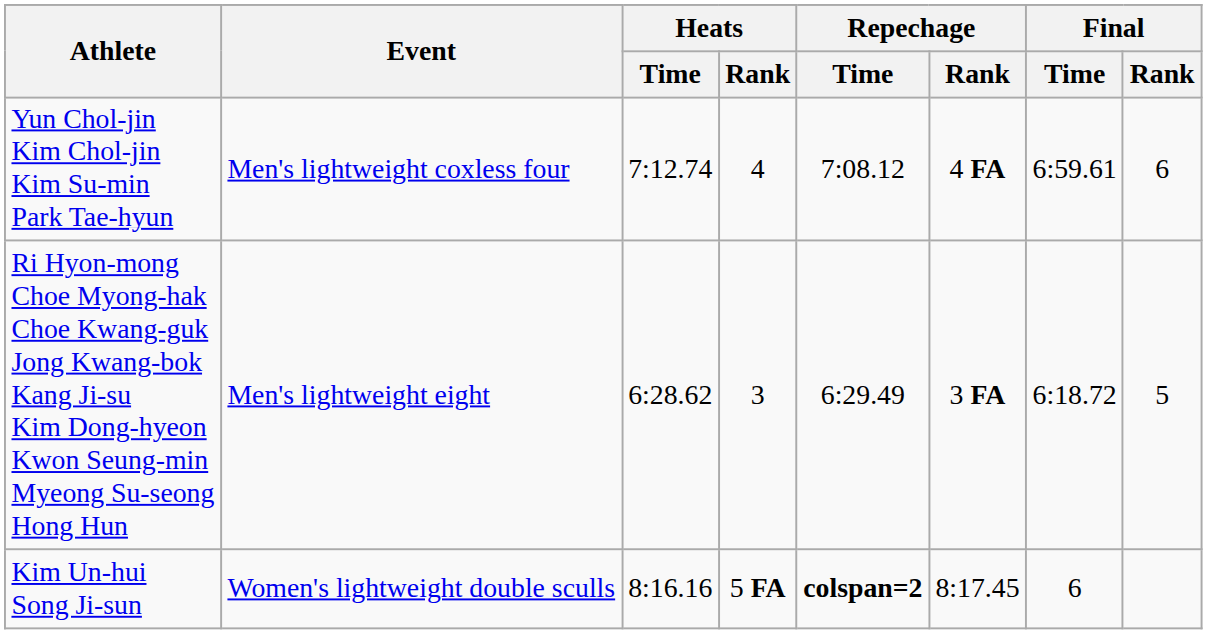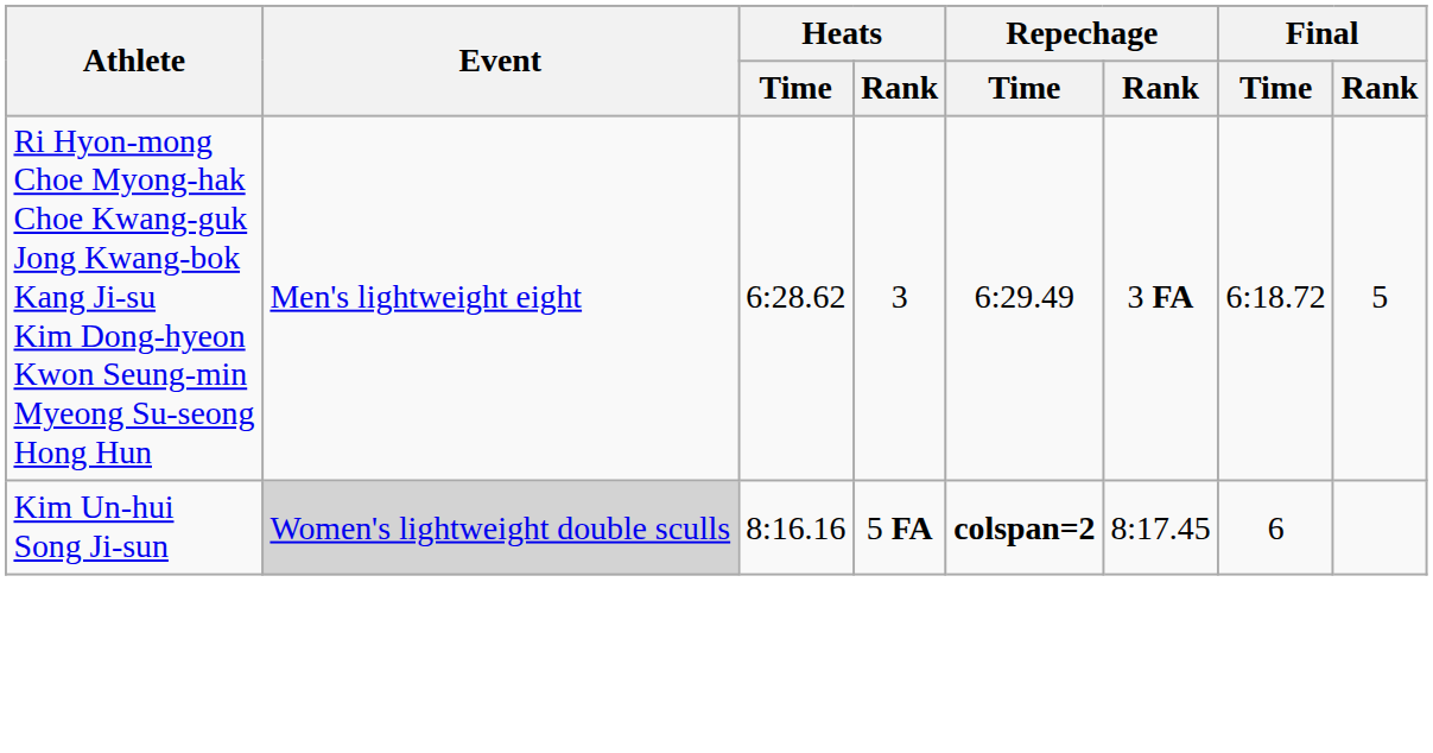 <table class=wikitable style="text-align:center; font-size:90%;">
 <tr>
 <th rowspan=2>Athlete</th>
 <th rowspan=2>Event</th>
 <th colspan=2>Heats</th>
 <th colspan=2>Repechage</th>
 <th colspan=2>Final</th>
 </tr>
 <tr>
 <th>Time</th>
 <th>Rank</th>
 <th>Time</th>
 <th>Rank</th>
 <th>Time</th>
 <th>Rank</th>
 </tr>
 <tr>
-<td align=left><a href='#'>Yun Chol-jin</a><br><a href='#'>Kim Chol-jin</a><br><a href='#'>Kim Su-min</a><br><a href='#'>Park Tae-hyun</a></td>
-<td align=left><a href='#'>Men's lightweight coxless four</a></td>
-<td>7:12.74</td>
-<td>4</td>
-<td>7:08.12</td>
-<td>4 <strong>FA</strong></td>
-<td>6:59.61</td>
-<td>6</td>
-</tr>
-<tr>
 <td align=left><a href='#'>Ri Hyon-mong</a><br><a href='#'>Choe Myong-hak</a><br><a href='#'>Choe Kwang-guk</a><br><a href='#'>Jong Kwang-bok</a><br><a href='#'>Kang Ji-su</a><br><a href='#'>Kim Dong-hyeon</a><br><a href='#'>Kwon Seung-min</a><br><a href='#'>Myeong Su-seong</a><br><a href='#'>Hong Hun</a></td>
 <td align=left><a href='#'>Men's lightweight eight</a></td>
 <td>6:28.62</td>
 <td>3</td>
 <td>6:29.49</td>
 <td>3 <strong>FA</strong></td>
 <td>6:18.72</td>
 <td>5</td>
 </tr>
 <tr>
 <td align=left><a href='#'>Kim Un-hui</a><br><a href='#'>Song Ji-sun</a></td>
-<td align=left><a href='#'>Women's lightweight double sculls</a></td>
+<td align=left style="background: lightgrey;"><a href='#'>Women's lightweight double sculls</a></td>
 <td>8:16.16</td>
 <td>5 <strong>FA</strong></td>
 <td><strong>colspan=2</strong></td>
 <td>8:17.45</td>
 <td>6</td>
 </tr>
 </table>
